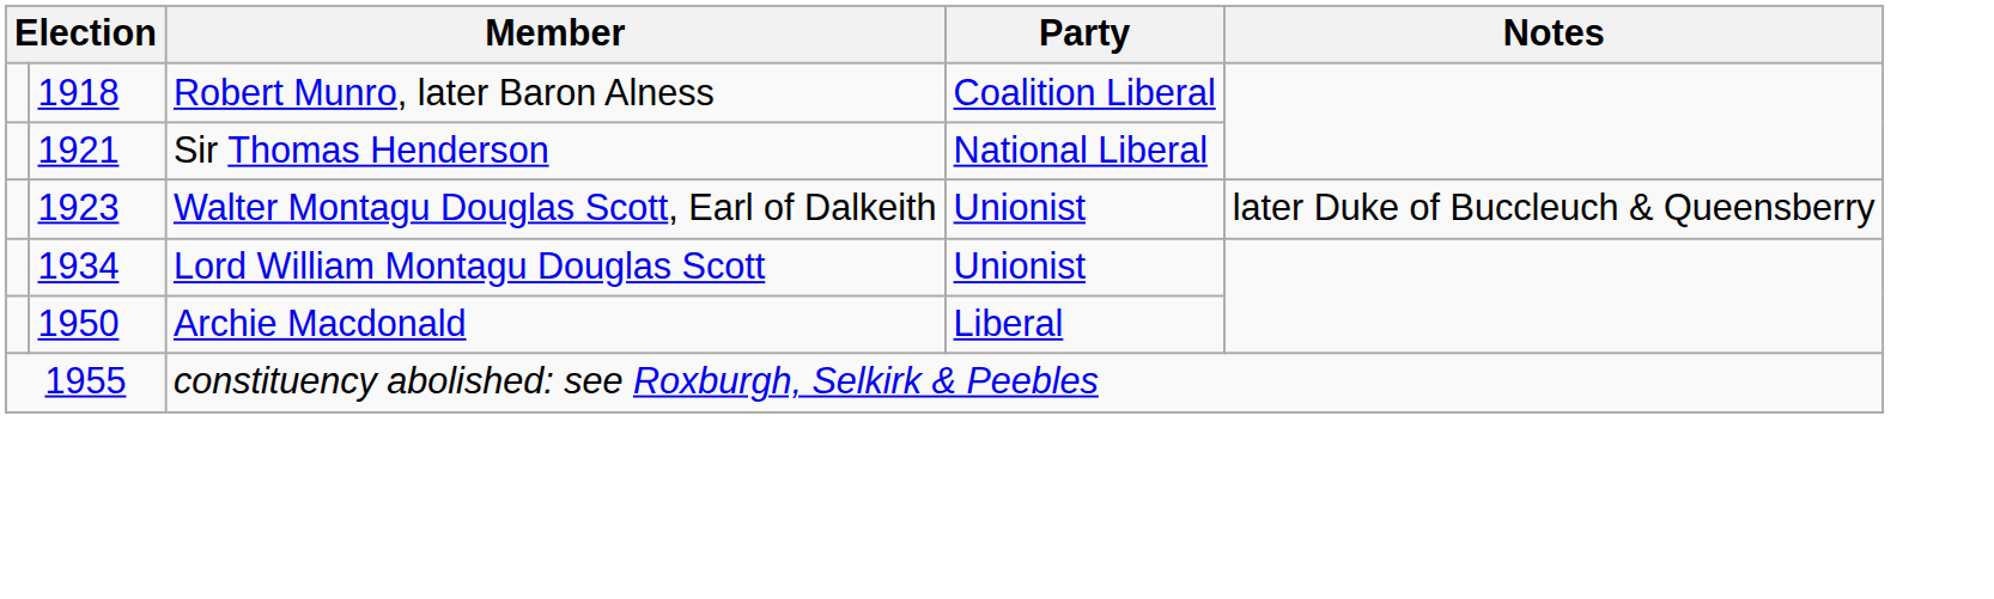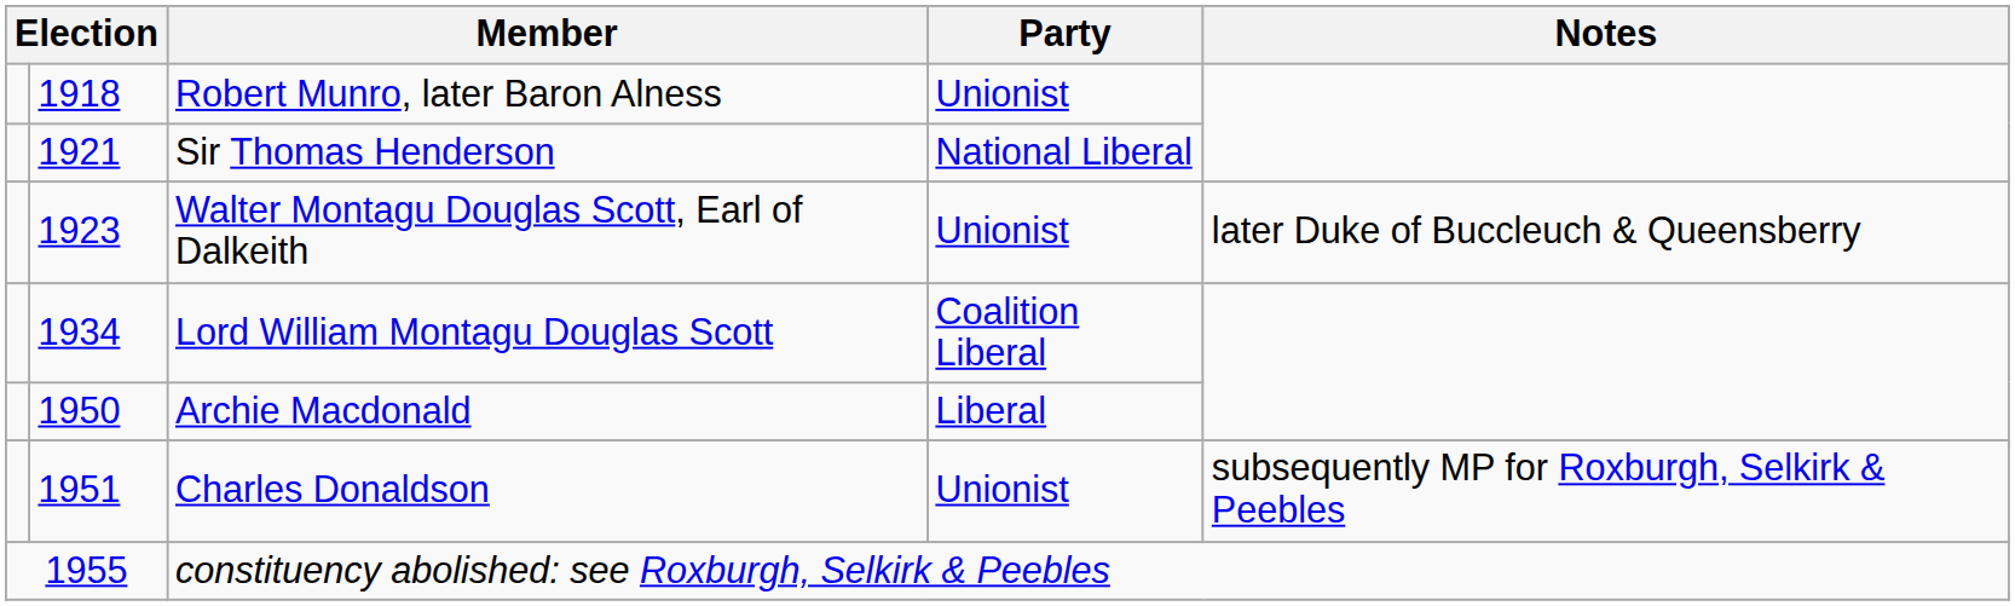 <table class="wikitable">
 <tr>
 <th colspan="2">Election</th>
 <th>Member</th>
 <th>Party</th>
 <th>Notes</th>
 </tr>
 <tr>
 <td style="color:inherit;background-color: "></td>
 <td><a href='#'>1918</a></td>
 <td><a href='#'>Robert Munro</a>, later Baron Alness</td>
-<td><a href='#'>Coalition Liberal</a></td>
+<td><a href='#'>Unionist</a></td>
 </tr>
 <tr>
 <td style="color:inherit;background-color: "></td>
 <td><a href='#'>1921</a></td>
 <td>Sir <a href='#'>Thomas Henderson</a></td>
 <td><a href='#'>National Liberal</a></td>
 </tr>
 <tr>
 <td style="color:inherit;background-color: "></td>
 <td><a href='#'>1923</a></td>
 <td><a href='#'>Walter Montagu Douglas Scott</a>, Earl of Dalkeith</td>
 <td><a href='#'>Unionist</a></td>
 <td>later Duke of Buccleuch & Queensberry</td>
 </tr>
 <tr>
 <td style="color:inherit;background-color: "></td>
 <td><a href='#'>1934</a></td>
 <td><a href='#'>Lord William Montagu Douglas Scott</a></td>
-<td><a href='#'>Unionist</a></td>
+<td><a href='#'>Coalition Liberal</a></td>
 </tr>
 <tr>
 <td style="color:inherit;background-color: "></td>
 <td><a href='#'>1950</a></td>
 <td><a href='#'>Archie Macdonald</a></td>
 <td><a href='#'>Liberal</a></td>
 </tr>
 <tr>
+<td style="color:inherit;background-color: "></td>
+<td><a href='#'>1951</a></td>
+<td><a href='#'>Charles Donaldson</a></td>
+<td><a href='#'>Unionist</a></td>
+<td>subsequently MP for <a href='#'>Roxburgh, Selkirk & Peebles</a></td>
+</tr>
+<tr>
 <td colspan="2" align="center"><a href='#'>1955</a></td>
 <td colspan="3"><em>constituency abolished: see <a href='#'>Roxburgh, Selkirk & Peebles</a></em></td>
 </tr>
 </table>
